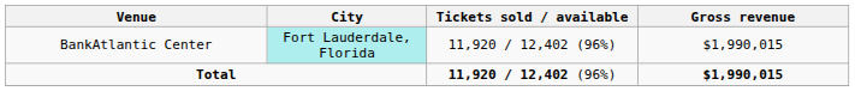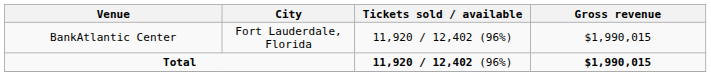 <table class="wikitable" style="text-align:center">
 <tr>
 <th width="250">Venue</th>
 <th width="150">City</th>
 <th width="200">Tickets sold / available</th>
 <th width="200">Gross revenue</th>
 </tr>
 <tr>
 <td>BankAtlantic Center</td>
-<td style="background: paleturquoise;">Fort Lauderdale, Florida</td>
+<td>Fort Lauderdale, Florida</td>
 <td>11,920 / 12,402 (96%)</td>
 <td>$1,990,015</td>
 </tr>
 <tr>
 <td colspan="2"><strong>Total</strong></td>
 <td><strong>11,920 / 12,402</strong> (96%)</td>
 <td><strong>$1,990,015</strong></td>
 </tr>
 <tr>
 </tr>
 </table>
